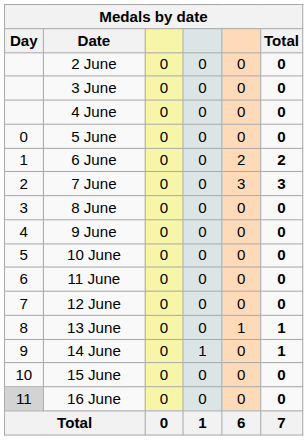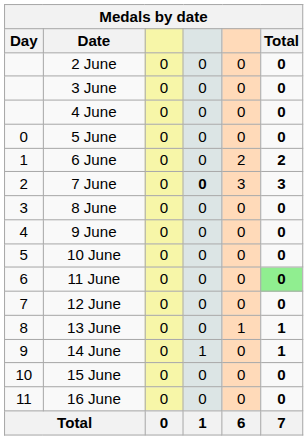 <table class="wikitable" style="font-size:90%; text-align:center;">
 <tr style="background:#efefef;">
 <th colspan=6>Medals by date</th>
 </tr>
 <tr>
 <th width=30>Day</th>
 <th width=90>Date</th>
 <th width=30 style="background:#F7F6A8;"></th>
 <th width=30 style="background:#DCE5E5;"></th>
 <th width=30 style="background:#FFDAB9;"></th>
 <th width=30>Total</th>
 </tr>
 <tr>
 <td></td>
 <td>2 June</td>
 <td style="background:#F7F6A8;">0</td>
 <td style="background:#DCE5E5;">0</td>
 <td style="background:#FFDAB9;">0</td>
 <td><strong>0</strong></td>
 </tr>
 <tr>
 <td></td>
 <td>3 June</td>
 <td style="background:#F7F6A8;">0</td>
 <td style="background:#DCE5E5;">0</td>
 <td style="background:#FFDAB9;">0</td>
 <td><strong>0</strong></td>
 </tr>
 <tr>
 <td></td>
 <td>4 June</td>
 <td style="background:#F7F6A8;">0</td>
 <td style="background:#DCE5E5;">0</td>
 <td style="background:#FFDAB9;">0</td>
 <td><strong>0</strong></td>
 </tr>
 <tr>
 <td>0</td>
 <td>5 June</td>
 <td style="background:#F7F6A8;">0</td>
 <td style="background:#DCE5E5;">0</td>
 <td style="background:#FFDAB9;">0</td>
 <td><strong>0</strong></td>
 </tr>
 <tr>
 <td>1</td>
 <td>6 June</td>
 <td style="background:#F7F6A8;">0</td>
 <td style="background:#DCE5E5;">0</td>
 <td style="background:#FFDAB9;">2</td>
 <td><strong>2</strong></td>
 </tr>
 <tr>
 <td>2</td>
 <td>7 June</td>
 <td style="background:#F7F6A8;">0</td>
-<td style="background:#DCE5E5;">0</td>
+<td style="background:#DCE5E5;"><strong>0</strong></td>
 <td style="background:#FFDAB9;">3</td>
 <td><strong>3</strong></td>
 </tr>
 <tr>
 <td>3</td>
 <td>8 June</td>
 <td style="background:#F7F6A8;">0</td>
 <td style="background:#DCE5E5;">0</td>
 <td style="background:#FFDAB9;">0</td>
 <td><strong>0</strong></td>
 </tr>
 <tr>
 <td>4</td>
 <td>9 June</td>
 <td style="background:#F7F6A8;">0</td>
 <td style="background:#DCE5E5;">0</td>
 <td style="background:#FFDAB9;">0</td>
 <td><strong>0</strong></td>
 </tr>
 <tr>
 <td>5</td>
 <td>10 June</td>
 <td style="background:#F7F6A8;">0</td>
 <td style="background:#DCE5E5;">0</td>
 <td style="background:#FFDAB9;">0</td>
 <td><strong>0</strong></td>
 </tr>
 <tr>
 <td>6</td>
 <td>11 June</td>
 <td style="background:#F7F6A8;">0</td>
 <td style="background:#DCE5E5;">0</td>
 <td style="background:#FFDAB9;">0</td>
-<td><strong>0</strong></td>
+<td style="background: lightgreen;"><strong>0</strong></td>
 </tr>
 <tr>
 <td>7</td>
 <td>12 June</td>
 <td style="background:#F7F6A8;">0</td>
 <td style="background:#DCE5E5;">0</td>
 <td style="background:#FFDAB9;">0</td>
 <td><strong>0</strong></td>
 </tr>
 <tr>
 <td>8</td>
 <td>13 June</td>
 <td style="background:#F7F6A8;">0</td>
 <td style="background:#DCE5E5;">0</td>
 <td style="background:#FFDAB9;">1</td>
 <td><strong>1</strong></td>
 </tr>
 <tr>
 <td>9</td>
 <td>14 June</td>
 <td style="background:#F7F6A8;">0</td>
 <td style="background:#DCE5E5;">1</td>
 <td style="background:#FFDAB9;">0</td>
 <td><strong>1</strong></td>
 </tr>
 <tr>
 <td>10</td>
 <td>15 June</td>
 <td style="background:#F7F6A8;">0</td>
 <td style="background:#DCE5E5;">0</td>
 <td style="background:#FFDAB9;">0</td>
 <td><strong>0</strong></td>
 </tr>
 <tr>
-<td style="background: lightgrey;">11</td>
+<td>11</td>
 <td>16 June</td>
 <td style="background:#F7F6A8;">0</td>
 <td style="background:#DCE5E5;">0</td>
 <td style="background:#FFDAB9;">0</td>
 <td><strong>0</strong></td>
 </tr>
 <tr>
 <th colspan="2">Total</th>
 <th>0</th>
 <th>1</th>
 <th>6</th>
 <th>7</th>
 </tr>
 </table>
